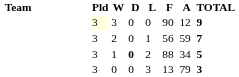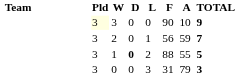 <table>
 <tr>
 <td><br></td>
 </tr>
 <tr border=1 cellpadding=5 cellspacing=0>
 <th width="200">Team</th>
 <th width="20">Pld</th>
 <th width="20">W</th>
 <th width="20">D</th>
 <th width="20">L</th>
 <th width="20">F</th>
 <th width="20">A</th>
 <th width="20">TOTAL</th>
 </tr>
 <tr>
 <td align=left></td>
 <td style="background: lightyellow;">3</td>
 <td>3</td>
 <td>0</td>
 <td>0</td>
 <td>90</td>
-<td>12</td>
+<td>10</td>
 <td><strong>9</strong></td>
 </tr>
 <tr>
 <td align=left></td>
 <td>3</td>
 <td>2</td>
 <td>0</td>
 <td>1</td>
 <td>56</td>
 <td>59</td>
 <td><strong>7</strong></td>
 </tr>
 <tr>
 <td align=left></td>
 <td>3</td>
 <td>1</td>
 <td><strong>0</strong></td>
 <td>2</td>
 <td>88</td>
-<td>34</td>
+<td>55</td>
 <td><strong>5</strong></td>
 </tr>
 <tr>
 <td align=left></td>
 <td>3</td>
 <td>0</td>
 <td>0</td>
 <td>3</td>
-<td>13</td>
+<td>31</td>
 <td>79</td>
 <td><strong>3</strong></td>
 </tr>
 </table>
